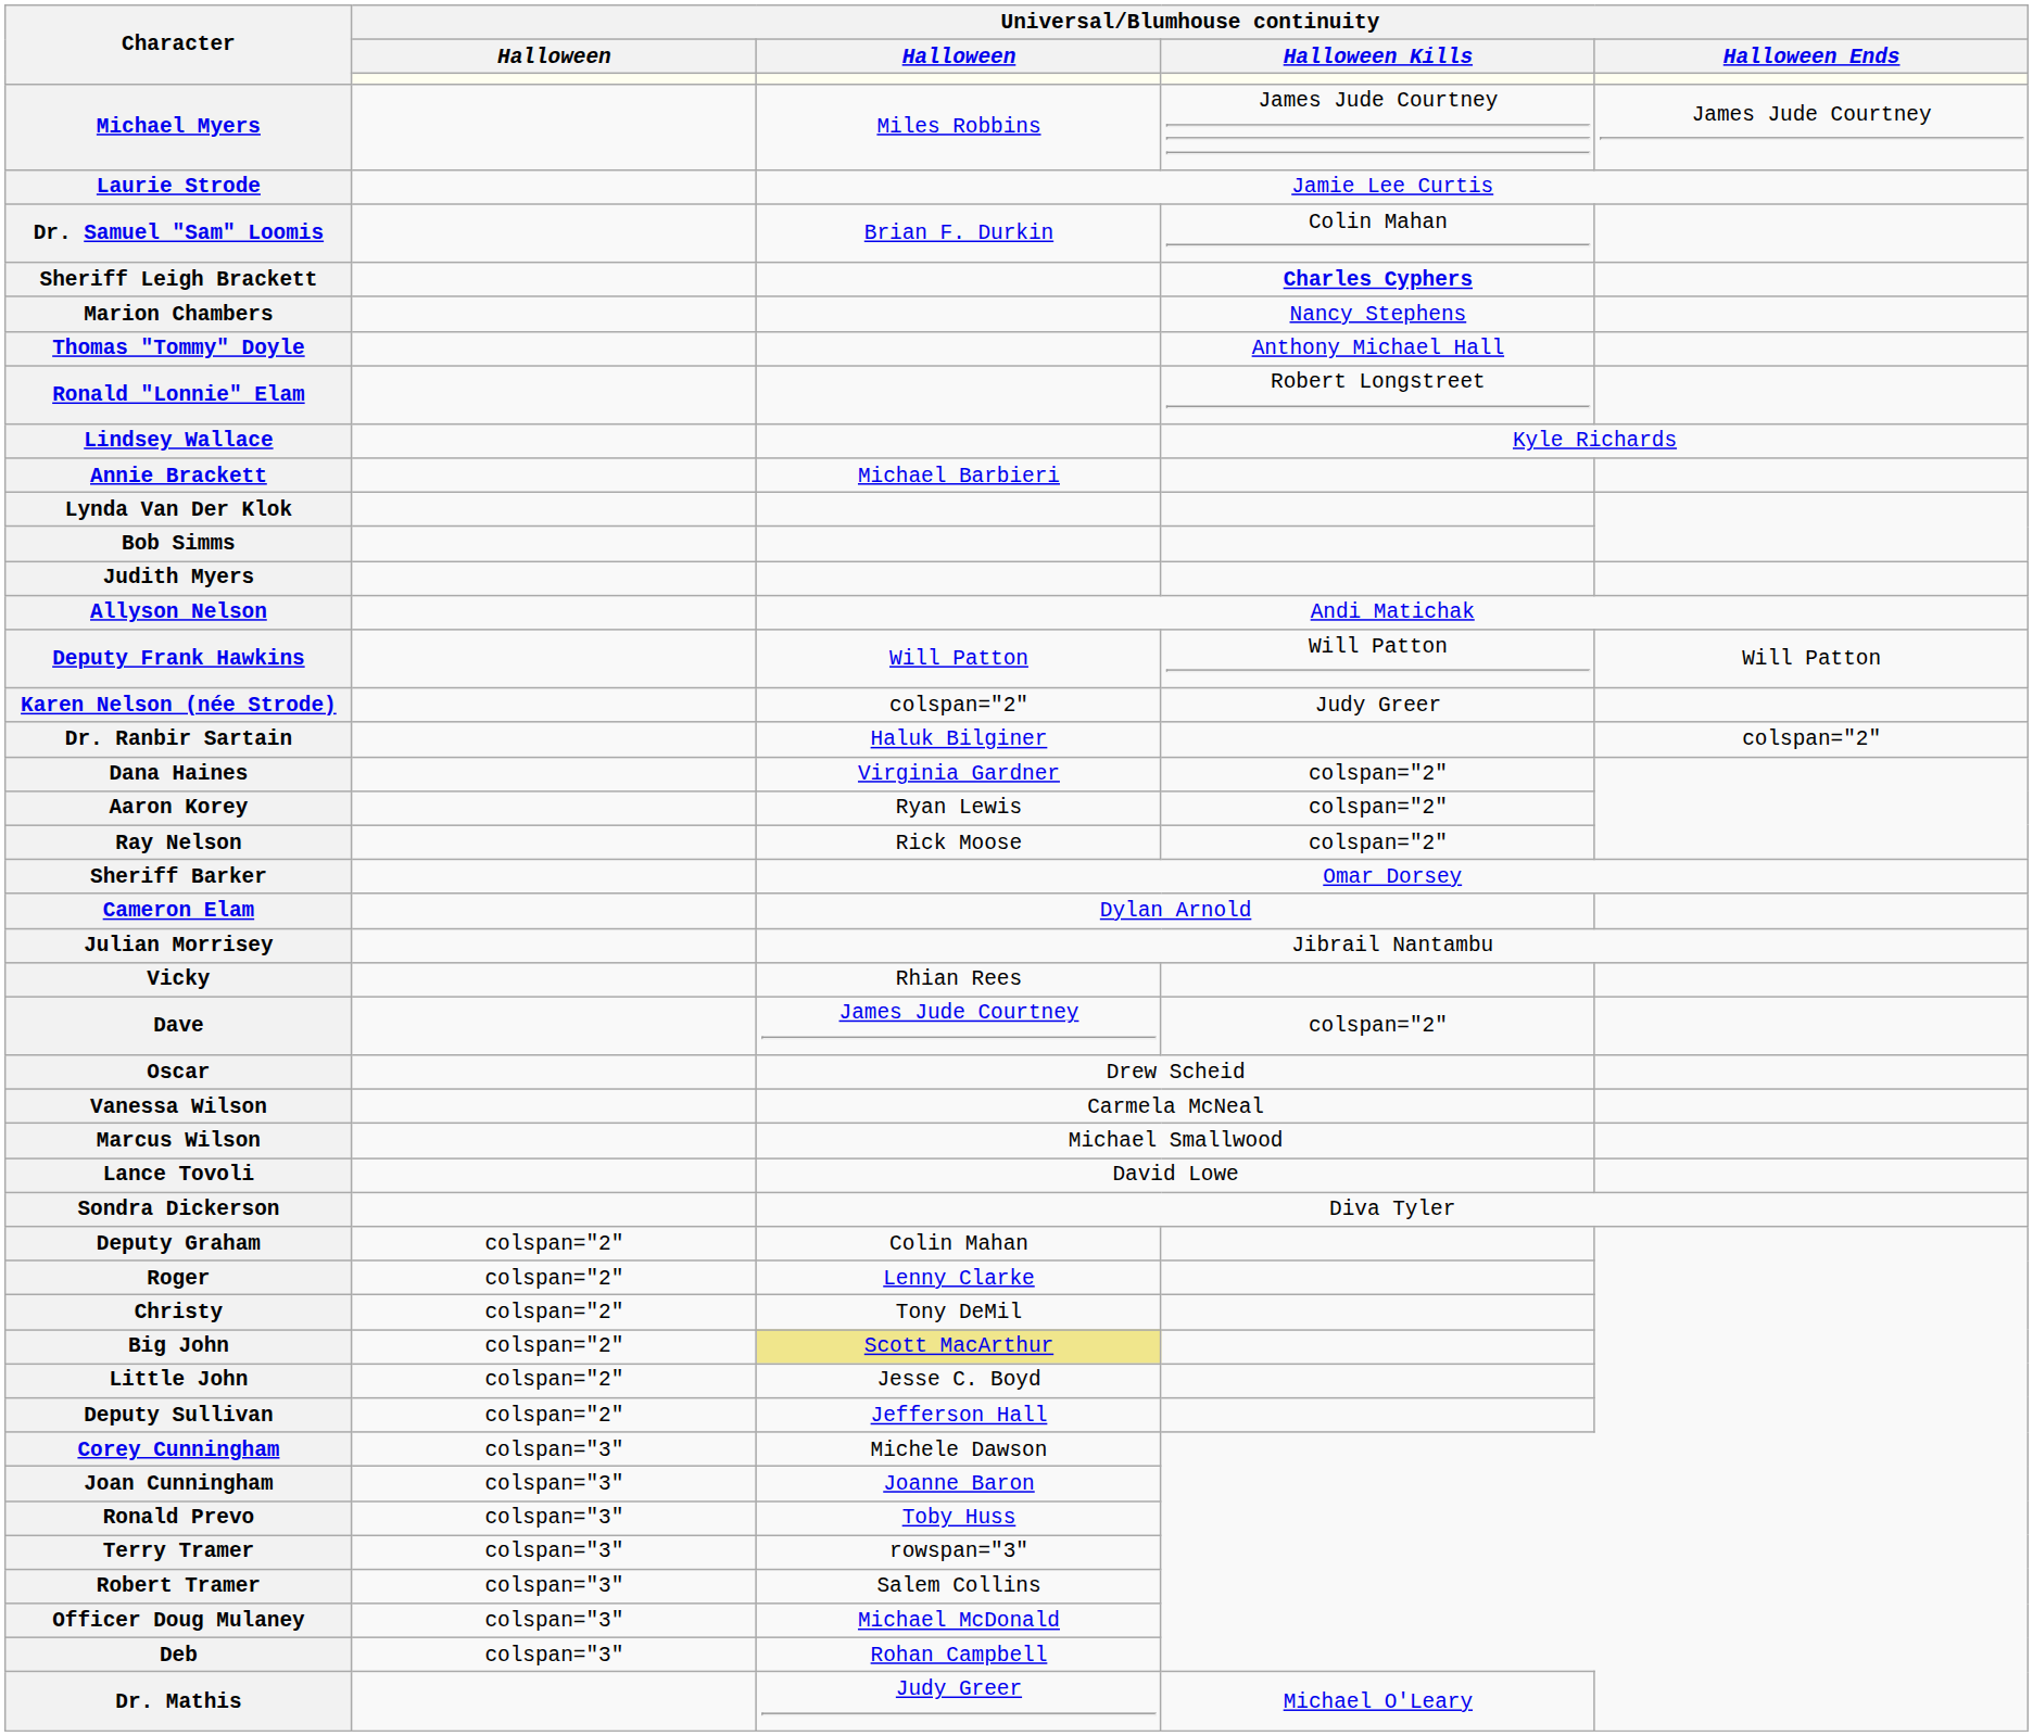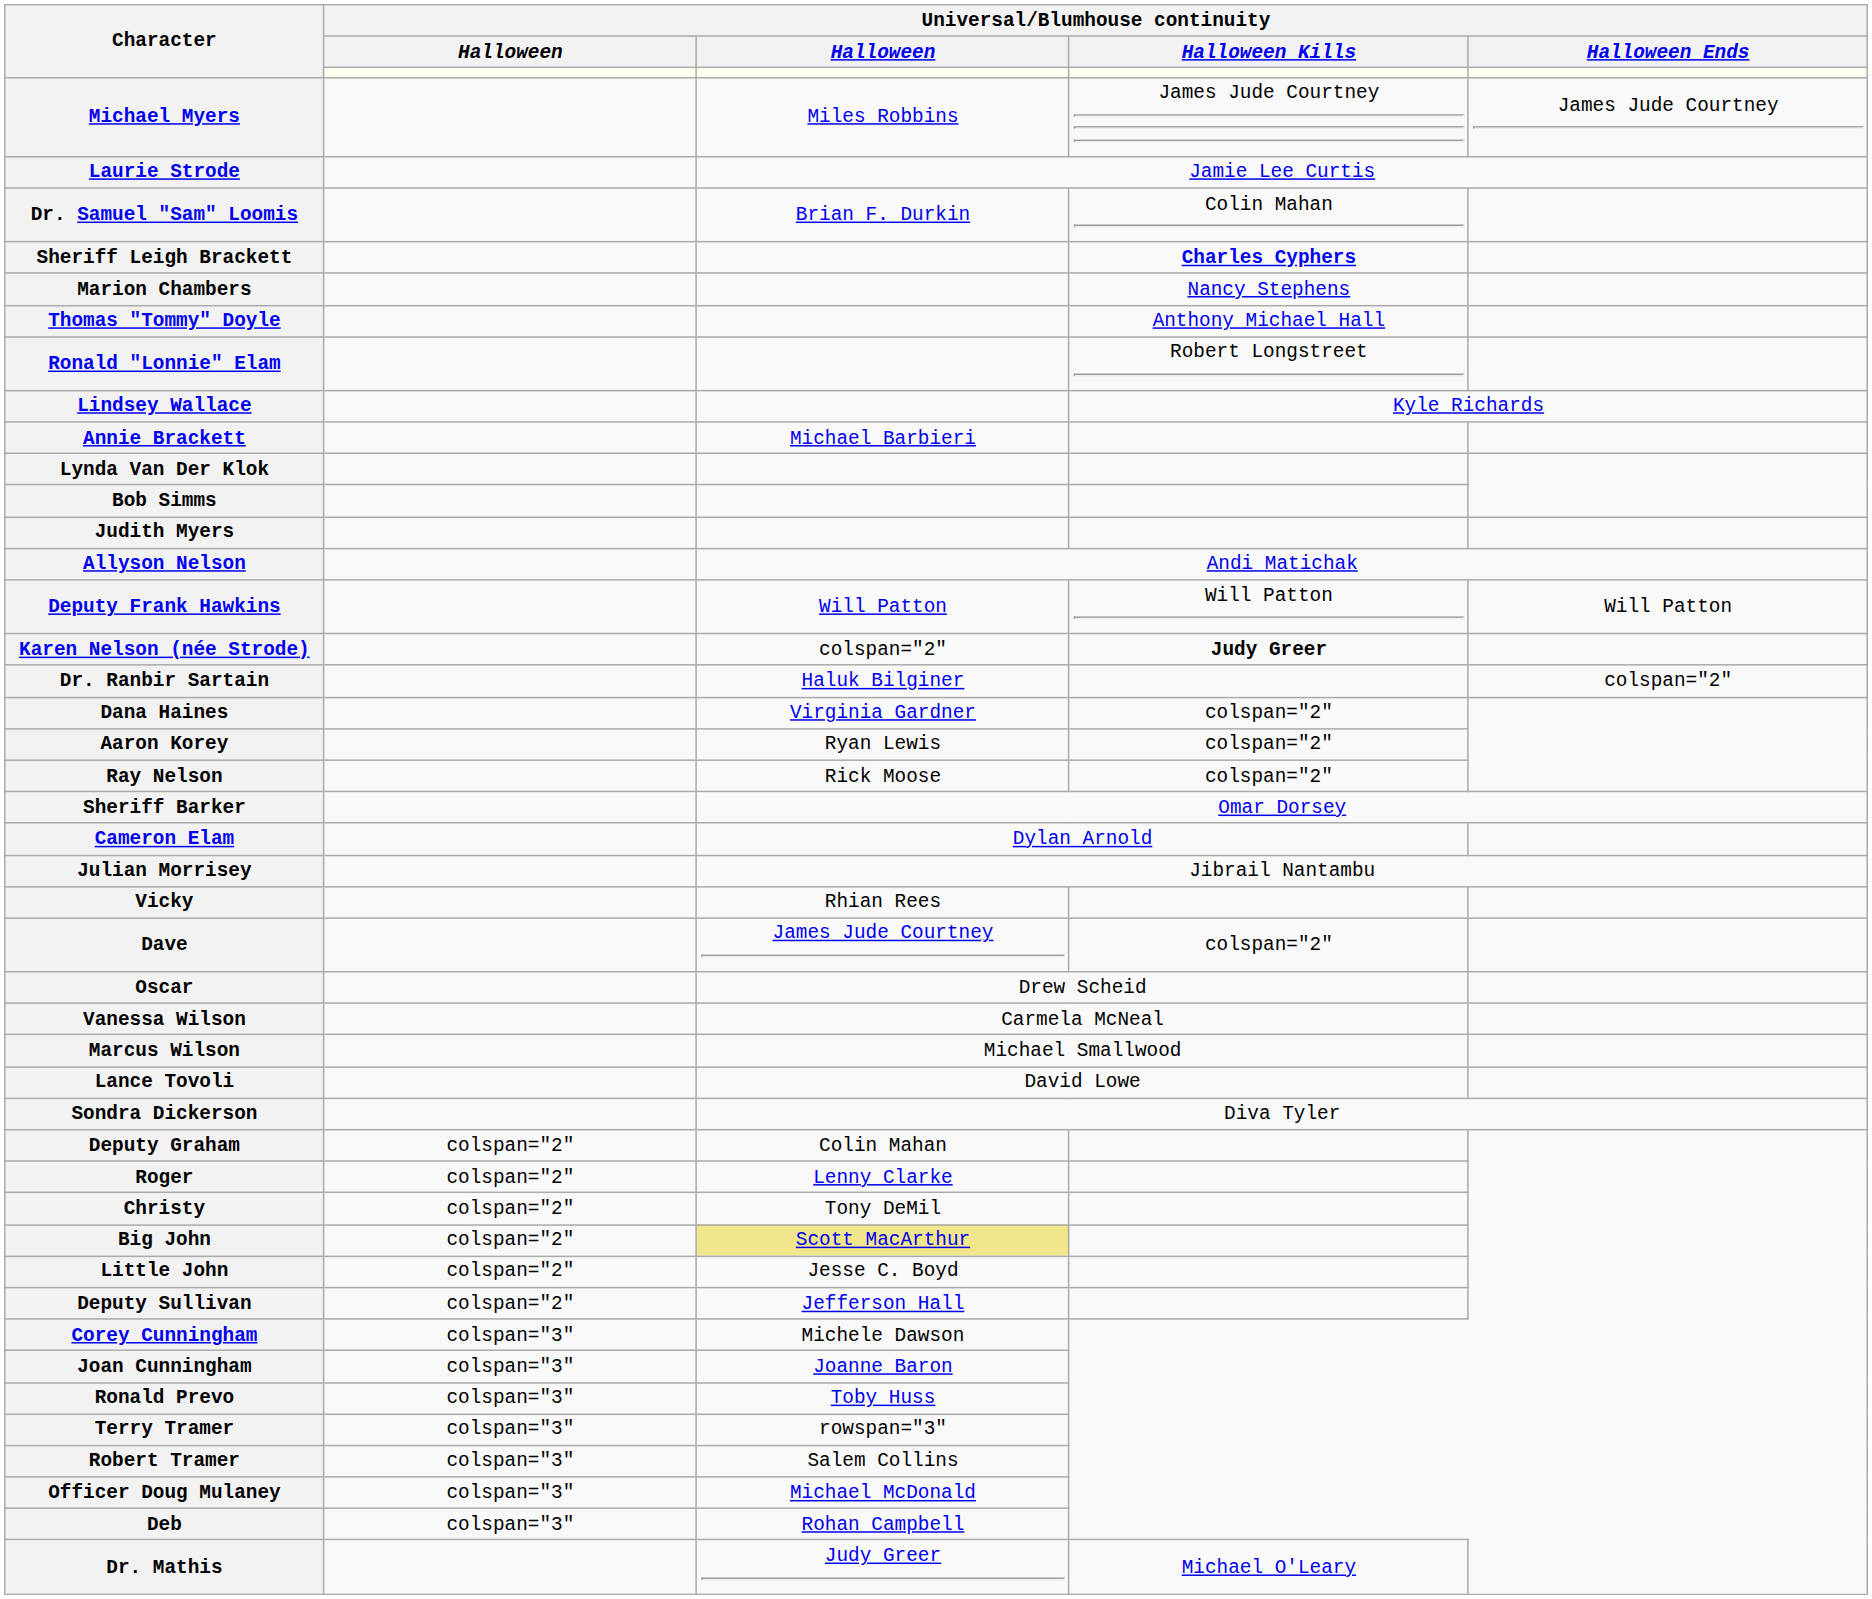 <table class="wikitable" style="text-align:center; width:99%; ">
 <tr>
 <th rowspan="3" style="width:12%;">Character</th>
 <th colspan="5" style="text-align:center;">Universal/Blumhouse continuity</th>
 </tr>
 <tr>
 <th style="text-align:center; width:14%;"><em>Halloween</em></th>
 <th style="text-align:center; width:14%;"><a href='#'><em>Halloween</em></a></th>
 <th style="text-align:center; width:15%;"><em><a href='#'>Halloween Kills</a></em></th>
 <th style="text-align:center; width:15%;"><em><a href='#'>Halloween Ends</a></em></th>
 </tr>
 <tr>
 <td style="background:ivory;"></td>
 <td style="background:ivory;"></td>
 <td style="background:ivory;"></td>
 <td style="background:ivory;"></td>
 </tr>
 <tr>
 <th><a href='#'>Michael Myers<br></a></th>
 <td></td>
 <td><a href='#'>Miles Robbins</a></td>
 <td>James Jude Courtney<hr><hr><hr></td>
 <td>James Jude Courtney<hr></td>
 </tr>
 <tr>
 <th><a href='#'>Laurie Strode</a></th>
 <td></td>
 <td colspan="3"><a href='#'>Jamie Lee Curtis</a></td>
 </tr>
 <tr>
 <th>Dr. <a href='#'>Samuel "Sam" Loomis</a></th>
 <td></td>
 <td><a href='#'>Brian F. Durkin</a></td>
 <td>Colin Mahan<hr></td>
 <td></td>
 </tr>
 <tr>
 <th>Sheriff Leigh Brackett</th>
 <td></td>
 <td></td>
 <td><strong><a href='#'>Charles Cyphers</a></strong></td>
 <td></td>
 </tr>
 <tr>
 <th>Marion Chambers</th>
 <td></td>
 <td></td>
 <td><a href='#'>Nancy Stephens</a></td>
 <td></td>
 </tr>
 <tr>
 <th><a href='#'>Thomas "Tommy" Doyle</a></th>
 <td></td>
 <td></td>
 <td><a href='#'>Anthony Michael Hall</a></td>
 <td></td>
 </tr>
 <tr>
 <th><a href='#'>Ronald "Lonnie" Elam</a></th>
 <td></td>
 <td></td>
 <td>Robert Longstreet<hr></td>
 <td></td>
 </tr>
 <tr>
 <th><a href='#'>Lindsey Wallace</a></th>
 <td></td>
 <td></td>
 <td colspan="2"><a href='#'>Kyle Richards</a></td>
 </tr>
 <tr>
 <th><a href='#'>Annie Brackett</a></th>
 <td></td>
 <td><a href='#'>Michael Barbieri</a></td>
 <td></td>
 <td></td>
 </tr>
 <tr>
 <th>Lynda Van Der Klok</th>
 <td></td>
 <td></td>
 <td></td>
 </tr>
 <tr>
 <th>Bob Simms</th>
 <td></td>
 <td></td>
 <td></td>
 </tr>
 <tr>
 <th>Judith Myers</th>
 <td></td>
 <td></td>
 <td></td>
 <td></td>
 </tr>
 <tr>
 <th><a href='#'>Allyson Nelson</a></th>
 <td></td>
 <td colspan="3"><a href='#'>Andi Matichak</a></td>
 </tr>
 <tr>
 <th><a href='#'>Deputy Frank Hawkins</a></th>
 <td></td>
 <td><a href='#'>Will Patton</a></td>
 <td>Will Patton<hr></td>
 <td>Will Patton</td>
 </tr>
 <tr>
 <th><a href='#'>Karen Nelson (née Strode)</a></th>
 <td></td>
 <td>colspan="2" </td>
-<td>Judy Greer</td>
+<td><strong>Judy Greer</strong></td>
 <td></td>
 </tr>
 <tr>
 <th>Dr. Ranbir Sartain</th>
 <td></td>
 <td><a href='#'>Haluk Bilginer</a></td>
 <td></td>
 <td>colspan="2" </td>
 </tr>
 <tr>
 <th>Dana Haines</th>
 <td></td>
 <td><a href='#'>Virginia Gardner</a></td>
 <td>colspan="2" </td>
 </tr>
 <tr>
 <th>Aaron Korey</th>
 <td></td>
 <td>Ryan Lewis</td>
 <td>colspan="2" </td>
 </tr>
 <tr>
 <th>Ray Nelson</th>
 <td></td>
 <td>Rick Moose</td>
 <td>colspan="2" </td>
 </tr>
 <tr>
 <th>Sheriff Barker</th>
 <td></td>
 <td colspan="3"><a href='#'>Omar Dorsey</a></td>
 </tr>
 <tr>
 <th><a href='#'>Cameron Elam</a></th>
 <td></td>
 <td colspan="2"><a href='#'>Dylan Arnold</a></td>
 <td></td>
 </tr>
 <tr>
 <th>Julian Morrisey</th>
 <td></td>
 <td colspan="3">Jibrail Nantambu</td>
 </tr>
 <tr>
 <th>Vicky</th>
 <td></td>
 <td>Rhian Rees</td>
 <td></td>
 <td></td>
 </tr>
 <tr>
 <th>Dave</th>
 <td></td>
 <td><a href='#'>James Jude Courtney</a><hr></td>
 <td>colspan="2" </td>
 </tr>
 <tr>
 <th>Oscar</th>
 <td></td>
 <td colspan="2">Drew Scheid</td>
 <td></td>
 </tr>
 <tr>
 <th>Vanessa Wilson</th>
 <td></td>
 <td colspan="2">Carmela McNeal</td>
 <td></td>
 </tr>
 <tr>
 <th>Marcus Wilson</th>
 <td></td>
 <td colspan="2">Michael Smallwood</td>
 <td></td>
 </tr>
 <tr>
 <th>Lance Tovoli</th>
 <td></td>
 <td colspan="2">David Lowe</td>
 <td></td>
 </tr>
 <tr>
 <th>Sondra Dickerson</th>
 <td></td>
 <td colspan="3">Diva Tyler</td>
 </tr>
 <tr>
 <th>Deputy Graham</th>
 <td>colspan="2" </td>
 <td>Colin Mahan</td>
 <td></td>
 </tr>
 <tr>
 <th>Roger</th>
 <td>colspan="2" </td>
 <td><a href='#'>Lenny Clarke</a></td>
 <td></td>
 </tr>
 <tr>
 <th>Christy</th>
 <td>colspan="2" </td>
 <td>Tony DeMil</td>
 <td></td>
 </tr>
 <tr>
 <th>Big John</th>
 <td>colspan="2" </td>
 <td style="background: khaki;"><a href='#'>Scott MacArthur</a></td>
 <td></td>
 </tr>
 <tr>
 <th>Little John</th>
 <td>colspan="2" </td>
 <td>Jesse C. Boyd</td>
 <td></td>
 </tr>
 <tr>
 <th>Deputy Sullivan</th>
 <td>colspan="2" </td>
 <td><a href='#'>Jefferson Hall</a></td>
 <td></td>
 </tr>
 <tr>
 <th><a href='#'>Corey Cunningham</a></th>
 <td>colspan="3" </td>
 <td>Michele Dawson</td>
 </tr>
 <tr>
 <th>Joan Cunningham</th>
 <td>colspan="3" </td>
 <td><a href='#'>Joanne Baron</a></td>
 </tr>
 <tr>
 <th>Ronald Prevo</th>
 <td>colspan="3" </td>
 <td><a href='#'>Toby Huss</a></td>
 </tr>
 <tr>
 <th>Terry Tramer</th>
 <td>colspan="3" </td>
 <td>rowspan="3" </td>
 </tr>
 <tr>
 <th>Robert Tramer</th>
 <td>colspan="3" </td>
 <td>Salem Collins</td>
 </tr>
 <tr>
 <th>Officer Doug Mulaney</th>
 <td>colspan="3" </td>
 <td><a href='#'>Michael McDonald</a></td>
 </tr>
 <tr>
 <th>Deb</th>
 <td>colspan="3" </td>
 <td><a href='#'>Rohan Campbell</a></td>
 </tr>
 <tr>
 <th>Dr. Mathis</th>
 <td></td>
 <td><a href='#'>Judy Greer</a><hr></td>
 <td><a href='#'>Michael O'Leary</a></td>
 </tr>
 <tr>
 </tr>
 </table>
